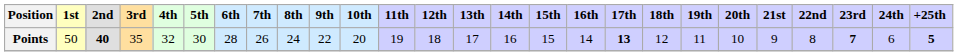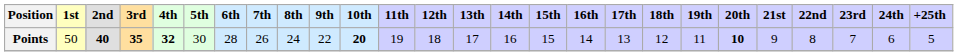 <table class="wikitable" style="font-size:75%; text-align:center">
 <tr>
 <th>Position</th>
 <td style="background:#FFFFBF;"> <strong>1st</strong> </td>
 <td style="background:#DFDFDF;"> <strong>2nd</strong> </td>
 <td style="background:#FFDF9F;"> <strong>3rd</strong> </td>
 <td style="background:#DFFFDF;"> <strong>4th</strong> </td>
 <td style="background:#DFFFDF;"> <strong>5th</strong> </td>
 <td style="background:#CFEAFF;"> <strong>6th</strong> </td>
 <td style="background:#CFEAFF;"> <strong>7th</strong> </td>
 <td style="background:#CFEAFF;"> <strong>8th</strong> </td>
 <td style="background:#CFEAFF;"> <strong>9th</strong> </td>
 <td style="background:#CFEAFF;"> <strong>10th</strong> </td>
 <td style="background:#CFCFFF;"> <strong>11th</strong> </td>
 <td style="background:#CFCFFF;"> <strong>12th</strong> </td>
 <td style="background:#CFCFFF;"> <strong>13th</strong> </td>
 <td style="background:#CFCFFF;"> <strong>14th</strong> </td>
 <td style="background:#CFCFFF;"> <strong>15th</strong> </td>
 <td style="background:#CFCFFF;"> <strong>16th</strong> </td>
 <td style="background:#CFCFFF;"> <strong>17th</strong> </td>
 <td style="background:#CFCFFF;"> <strong>18th</strong> </td>
 <td style="background:#CFCFFF;"> <strong>19th</strong> </td>
 <td style="background:#CFCFFF;"> <strong>20th</strong> </td>
 <td style="background:#CFCFFF;"> <strong>21st</strong> </td>
 <td style="background:#CFCFFF;"> <strong>22nd</strong> </td>
 <td style="background:#CFCFFF;"> <strong>23rd</strong> </td>
 <td style="background:#CFCFFF;"> <strong>24th</strong> </td>
 <td style="background:#CFCFFF;"><strong>+25th</strong> </td>
 </tr>
 <tr>
 <th>Points</th>
 <td style="background:#FFFFBF;">50</td>
 <td style="background:#DFDFDF;"><strong>40</strong></td>
-<td style="background:#FFDF9F;">35</td>
-<td style="background:#DFFFDF;">32</td>
+<td style="background:#FFDF9F;"><strong>35</strong></td>
+<td style="background:#DFFFDF;"><strong>32</strong></td>
 <td style="background:#DFFFDF;">30</td>
 <td style="background:#CFEAFF;">28</td>
 <td style="background:#CFEAFF;">26</td>
 <td style="background:#CFEAFF;">24</td>
 <td style="background:#CFEAFF;">22</td>
-<td style="background:#CFEAFF;">20</td>
+<td style="background:#CFEAFF;"><strong>20</strong></td>
 <td style="background:#CFCFFF;">19</td>
 <td style="background:#CFCFFF;">18</td>
 <td style="background:#CFCFFF;">17</td>
 <td style="background:#CFCFFF;">16</td>
 <td style="background:#CFCFFF;">15</td>
 <td style="background:#CFCFFF;">14</td>
-<td style="background:#CFCFFF;"><strong>13</strong></td>
+<td style="background:#CFCFFF;">13</td>
 <td style="background:#CFCFFF;">12</td>
 <td style="background:#CFCFFF;">11</td>
-<td style="background:#CFCFFF;">10</td>
+<td style="background:#CFCFFF;"><strong>10</strong></td>
 <td style="background:#CFCFFF;">9</td>
 <td style="background:#CFCFFF;">8</td>
-<td style="background:#CFCFFF;"><strong>7</strong></td>
+<td style="background:#CFCFFF;">7</td>
 <td style="background:#CFCFFF;">6</td>
-<td style="background:#CFCFFF;"><strong>5</strong></td>
+<td style="background:#CFCFFF;">5</td>
 </tr>
 <tr>
 </tr>
 </table>
